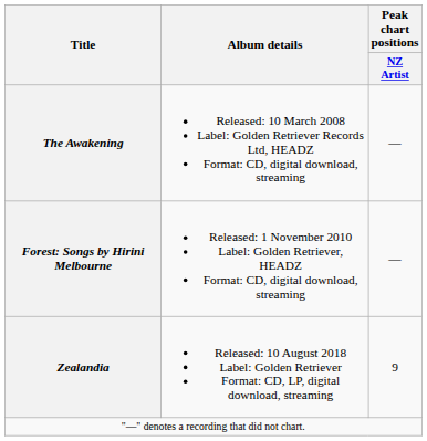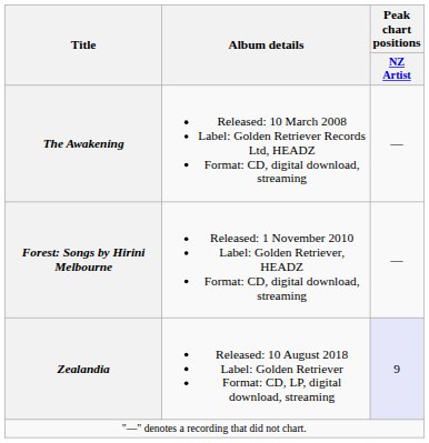 <table class="wikitable plainrowheaders" style="text-align:center;">
 <tr>
 <th scope="col" rowspan="2" style="width:12em;">Title</th>
 <th scope="col" rowspan="2" style="width:16em;">Album details</th>
 <th scope="col" colspan="1">Peak chart positions</th>
 </tr>
 <tr>
 <th scope="col" style="width:3em;font-size:90%;"><a href='#'>NZ<br>Artist</a><br></th>
 </tr>
 <tr>
 <th scope="row"><em>The Awakening</em></th>
 <td><br><ul><li>Released: 10 March 2008</li><li>Label: Golden Retriever Records Ltd, HEADZ</li><li>Format: CD, digital download, streaming</li></ul></td>
 <td>—</td>
 </tr>
 <tr>
 <th scope="row"><em>Forest: Songs by Hirini Melbourne</em></th>
 <td><br><ul><li>Released: 1 November 2010</li><li>Label: Golden Retriever, HEADZ</li><li>Format: CD, digital download, streaming</li></ul></td>
 <td>—</td>
 </tr>
 <tr>
 <th scope="row"><em>Zealandia</em></th>
 <td><br><ul><li>Released: 10 August 2018</li><li>Label: Golden Retriever</li><li>Format: CD, LP, digital download, streaming</li></ul></td>
-<td>9</td>
+<td style="background: lavender;">9</td>
 </tr>
 <tr>
 <td colspan="8" style="font-size:85%;">"—" denotes a recording that did not chart.</td>
 </tr>
 </table>
